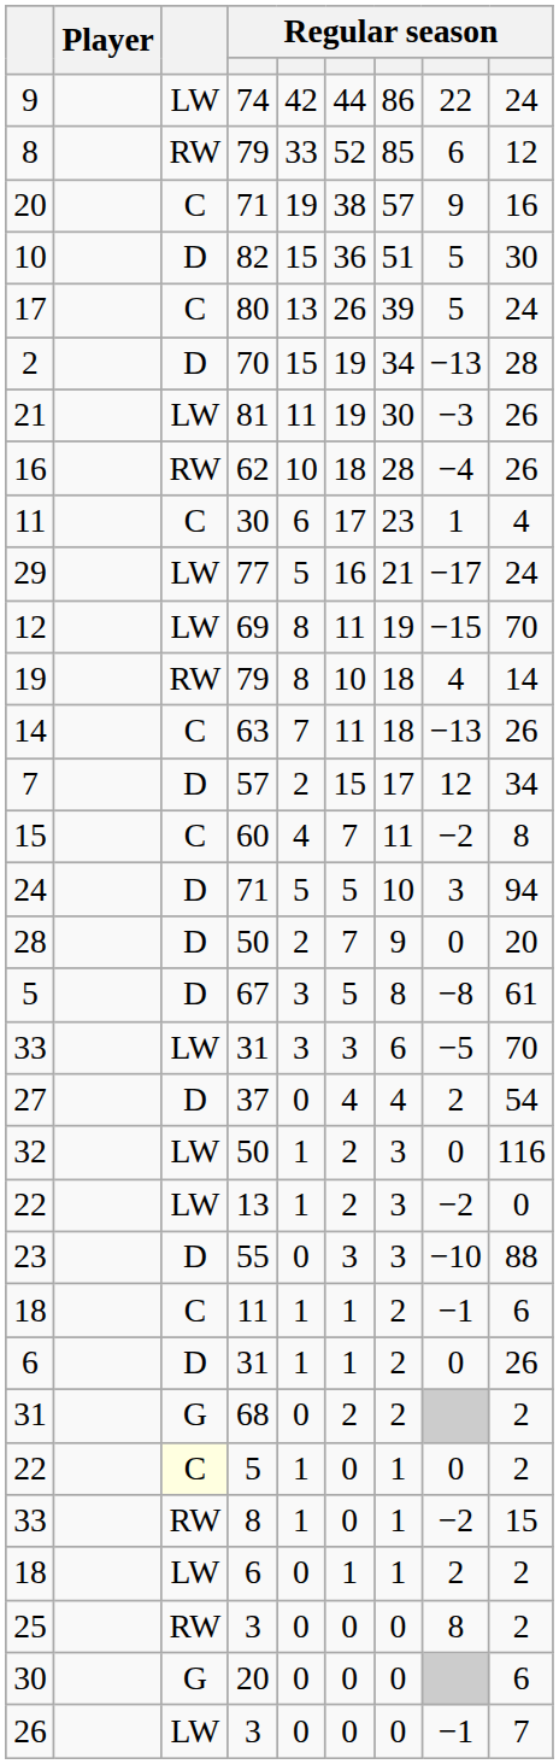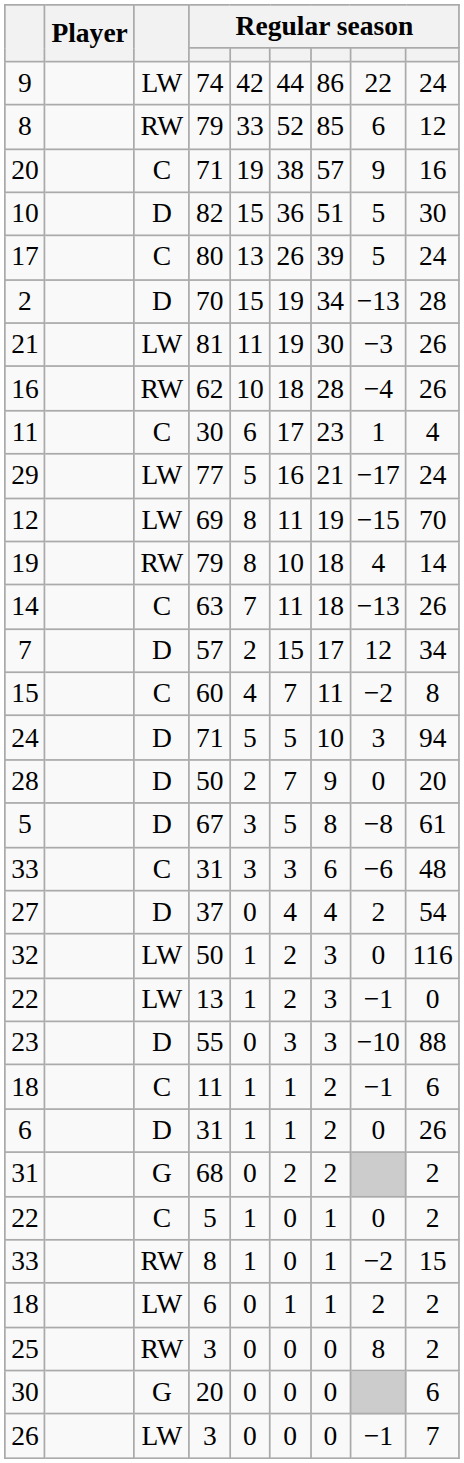 <table class="wikitable sortable plainrowheaders" style="text-align:center;">
 <tr>
 <th scope="col" data-sort-type="number" rowspan="2"></th>
 <th scope="col" rowspan="2">Player</th>
 <th scope="col" rowspan="2"></th>
 <th scope=colgroup colspan=6>Regular season</th>
 </tr>
 <tr>
 <th scope="col" data-sort-type="number"></th>
 <th scope="col" data-sort-type="number"></th>
 <th scope="col" data-sort-type="number"></th>
 <th scope="col" data-sort-type="number"></th>
 <th scope="col" data-sort-type="number"></th>
 <th scope="col" data-sort-type="number"></th>
 </tr>
 <tr>
 <td scope="row">9</td>
 <td align="left"></td>
 <td>LW</td>
 <td>74</td>
 <td>42</td>
 <td>44</td>
 <td>86</td>
 <td>22</td>
 <td>24</td>
 </tr>
 <tr>
 <td scope="row">8</td>
 <td align="left"></td>
 <td>RW</td>
 <td>79</td>
 <td>33</td>
 <td>52</td>
 <td>85</td>
 <td>6</td>
 <td>12</td>
 </tr>
 <tr>
 <td scope="row">20</td>
 <td align="left"></td>
 <td>C</td>
 <td>71</td>
 <td>19</td>
 <td>38</td>
 <td>57</td>
 <td>9</td>
 <td>16</td>
 </tr>
 <tr>
 <td scope="row">10</td>
 <td align="left"></td>
 <td>D</td>
 <td>82</td>
 <td>15</td>
 <td>36</td>
 <td>51</td>
 <td>5</td>
 <td>30</td>
 </tr>
 <tr>
 <td scope="row">17</td>
 <td align="left"></td>
 <td>C</td>
 <td>80</td>
 <td>13</td>
 <td>26</td>
 <td>39</td>
 <td>5</td>
 <td>24</td>
 </tr>
 <tr>
 <td scope="row">2</td>
 <td align="left"></td>
 <td>D</td>
 <td>70</td>
 <td>15</td>
 <td>19</td>
 <td>34</td>
 <td>−13</td>
 <td>28</td>
 </tr>
 <tr>
 <td scope="row">21</td>
 <td align="left"></td>
 <td>LW</td>
 <td>81</td>
 <td>11</td>
 <td>19</td>
 <td>30</td>
 <td>−3</td>
 <td>26</td>
 </tr>
 <tr>
 <td scope="row">16</td>
 <td align="left"></td>
 <td>RW</td>
 <td>62</td>
 <td>10</td>
 <td>18</td>
 <td>28</td>
 <td>−4</td>
 <td>26</td>
 </tr>
 <tr>
 <td scope="row">11</td>
 <td align="left"></td>
 <td>C</td>
 <td>30</td>
 <td>6</td>
 <td>17</td>
 <td>23</td>
 <td>1</td>
 <td>4</td>
 </tr>
 <tr>
 <td scope="row">29</td>
 <td align="left"></td>
 <td>LW</td>
 <td>77</td>
 <td>5</td>
 <td>16</td>
 <td>21</td>
 <td>−17</td>
 <td>24</td>
 </tr>
 <tr>
 <td scope="row">12</td>
 <td align="left"></td>
 <td>LW</td>
 <td>69</td>
 <td>8</td>
 <td>11</td>
 <td>19</td>
 <td>−15</td>
 <td>70</td>
 </tr>
 <tr>
 <td scope="row">19</td>
 <td align="left"></td>
 <td>RW</td>
 <td>79</td>
 <td>8</td>
 <td>10</td>
 <td>18</td>
 <td>4</td>
 <td>14</td>
 </tr>
 <tr>
 <td scope="row">14</td>
 <td align="left"></td>
 <td>C</td>
 <td>63</td>
 <td>7</td>
 <td>11</td>
 <td>18</td>
 <td>−13</td>
 <td>26</td>
 </tr>
 <tr>
 <td scope="row">7</td>
 <td align="left"></td>
 <td>D</td>
 <td>57</td>
 <td>2</td>
 <td>15</td>
 <td>17</td>
 <td>12</td>
 <td>34</td>
 </tr>
 <tr>
 <td scope="row">15</td>
 <td align="left"></td>
 <td>C</td>
 <td>60</td>
 <td>4</td>
 <td>7</td>
 <td>11</td>
 <td>−2</td>
 <td>8</td>
 </tr>
 <tr>
 <td scope="row">24</td>
 <td align="left"></td>
 <td>D</td>
 <td>71</td>
 <td>5</td>
 <td>5</td>
 <td>10</td>
 <td>3</td>
 <td>94</td>
 </tr>
 <tr>
 <td scope="row">28</td>
 <td align="left"></td>
 <td>D</td>
 <td>50</td>
 <td>2</td>
 <td>7</td>
 <td>9</td>
 <td>0</td>
 <td>20</td>
 </tr>
 <tr>
 <td scope="row">5</td>
 <td align="left"></td>
 <td>D</td>
 <td>67</td>
 <td>3</td>
 <td>5</td>
 <td>8</td>
 <td>−8</td>
 <td>61</td>
 </tr>
 <tr>
 <td scope="row">33</td>
 <td align="left"></td>
-<td>LW</td>
+<td>C</td>
 <td>31</td>
 <td>3</td>
 <td>3</td>
 <td>6</td>
-<td>−5</td>
-<td>70</td>
+<td>−6</td>
+<td>48</td>
 </tr>
 <tr>
 <td scope="row">27</td>
 <td align="left"></td>
 <td>D</td>
 <td>37</td>
 <td>0</td>
 <td>4</td>
 <td>4</td>
 <td>2</td>
 <td>54</td>
 </tr>
 <tr>
 <td scope="row">32</td>
 <td align="left"></td>
 <td>LW</td>
 <td>50</td>
 <td>1</td>
 <td>2</td>
 <td>3</td>
 <td>0</td>
 <td>116</td>
 </tr>
 <tr>
 <td scope="row">22</td>
 <td align="left"></td>
 <td>LW</td>
 <td>13</td>
 <td>1</td>
 <td>2</td>
 <td>3</td>
-<td>−2</td>
+<td>−1</td>
 <td>0</td>
 </tr>
 <tr>
 <td scope="row">23</td>
 <td align="left"></td>
 <td>D</td>
 <td>55</td>
 <td>0</td>
 <td>3</td>
 <td>3</td>
 <td>−10</td>
 <td>88</td>
 </tr>
 <tr>
 <td scope="row">18</td>
 <td align="left"></td>
 <td>C</td>
 <td>11</td>
 <td>1</td>
 <td>1</td>
 <td>2</td>
 <td>−1</td>
 <td>6</td>
 </tr>
 <tr>
 <td scope="row">6</td>
 <td align="left"></td>
 <td>D</td>
 <td>31</td>
 <td>1</td>
 <td>1</td>
 <td>2</td>
 <td>0</td>
 <td>26</td>
 </tr>
 <tr>
 <td scope="row">31</td>
 <td align="left"></td>
 <td>G</td>
 <td>68</td>
 <td>0</td>
 <td>2</td>
 <td>2</td>
 <td style="background:#ccc"></td>
 <td>2</td>
 </tr>
 <tr>
 <td scope="row">22</td>
 <td align="left"></td>
-<td style="background: lightyellow;">C</td>
+<td>C</td>
 <td>5</td>
 <td>1</td>
 <td>0</td>
 <td>1</td>
 <td>0</td>
 <td>2</td>
 </tr>
 <tr>
 <td scope="row">33</td>
 <td align="left"></td>
 <td>RW</td>
 <td>8</td>
 <td>1</td>
 <td>0</td>
 <td>1</td>
 <td>−2</td>
 <td>15</td>
 </tr>
 <tr>
 <td scope="row">18</td>
 <td align="left"></td>
 <td>LW</td>
 <td>6</td>
 <td>0</td>
 <td>1</td>
 <td>1</td>
 <td>2</td>
 <td>2</td>
 </tr>
 <tr>
 <td scope="row">25</td>
 <td align="left"></td>
 <td>RW</td>
 <td>3</td>
 <td>0</td>
 <td>0</td>
 <td>0</td>
 <td>8</td>
 <td>2</td>
 </tr>
 <tr>
 <td scope="row">30</td>
 <td align="left"></td>
 <td>G</td>
 <td>20</td>
 <td>0</td>
 <td>0</td>
 <td>0</td>
 <td style="background:#ccc"></td>
 <td>6</td>
 </tr>
 <tr>
 <td scope="row">26</td>
 <td align="left"></td>
 <td>LW</td>
 <td>3</td>
 <td>0</td>
 <td>0</td>
 <td>0</td>
 <td>−1</td>
 <td>7</td>
 </tr>
 </table>
